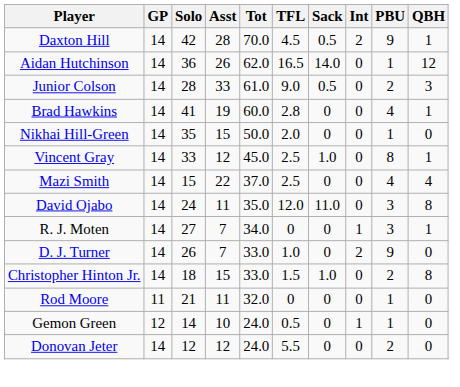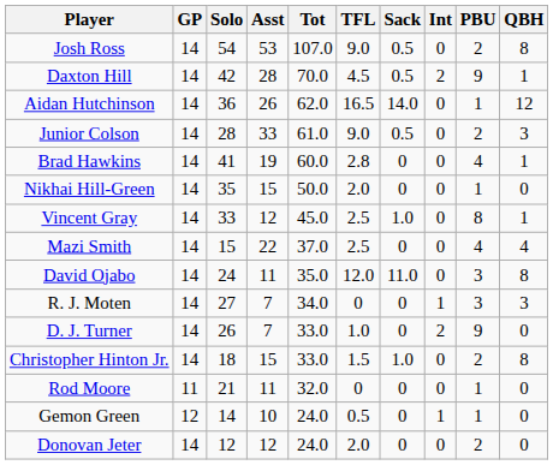 <table class="wikitable sortable sortable" style="text-align: center">
 <tr align=center>
 <th>Player</th>
 <th>GP</th>
 <th>Solo</th>
 <th>Asst</th>
 <th>Tot</th>
 <th>TFL</th>
 <th>Sack</th>
 <th>Int</th>
 <th>PBU</th>
 <th>QBH</th>
+</tr>
+<tr>
+<td><a href='#'>Josh Ross</a></td>
+<td>14</td>
+<td>54</td>
+<td>53</td>
+<td>107.0</td>
+<td>9.0</td>
+<td>0.5</td>
+<td>0</td>
+<td>2</td>
+<td>8</td>
 </tr>
 <tr>
 <td><a href='#'>Daxton Hill</a></td>
 <td>14</td>
 <td>42</td>
 <td>28</td>
 <td>70.0</td>
 <td>4.5</td>
 <td>0.5</td>
 <td>2</td>
 <td>9</td>
 <td>1</td>
 </tr>
 <tr>
 <td><a href='#'>Aidan Hutchinson</a></td>
 <td>14</td>
 <td>36</td>
 <td>26</td>
 <td>62.0</td>
 <td>16.5</td>
 <td>14.0</td>
 <td>0</td>
 <td>1</td>
 <td>12</td>
 </tr>
 <tr>
 <td><a href='#'>Junior Colson</a></td>
 <td>14</td>
 <td>28</td>
 <td>33</td>
 <td>61.0</td>
 <td>9.0</td>
 <td>0.5</td>
 <td>0</td>
 <td>2</td>
 <td>3</td>
 </tr>
 <tr>
 <td><a href='#'>Brad Hawkins</a></td>
 <td>14</td>
 <td>41</td>
 <td>19</td>
 <td>60.0</td>
 <td>2.8</td>
 <td>0</td>
 <td>0</td>
 <td>4</td>
 <td>1</td>
 </tr>
 <tr>
 <td><a href='#'>Nikhai Hill-Green</a></td>
 <td>14</td>
 <td>35</td>
 <td>15</td>
 <td>50.0</td>
 <td>2.0</td>
 <td>0</td>
 <td>0</td>
 <td>1</td>
 <td>0</td>
 </tr>
 <tr>
 <td><a href='#'>Vincent Gray</a></td>
 <td>14</td>
 <td>33</td>
 <td>12</td>
 <td>45.0</td>
 <td>2.5</td>
 <td>1.0</td>
 <td>0</td>
 <td>8</td>
 <td>1</td>
 </tr>
 <tr>
 <td><a href='#'>Mazi Smith</a></td>
 <td>14</td>
 <td>15</td>
 <td>22</td>
 <td>37.0</td>
 <td>2.5</td>
 <td>0</td>
 <td>0</td>
 <td>4</td>
 <td>4</td>
 </tr>
 <tr>
 <td><a href='#'>David Ojabo</a></td>
 <td>14</td>
 <td>24</td>
 <td>11</td>
 <td>35.0</td>
 <td>12.0</td>
 <td>11.0</td>
 <td>0</td>
 <td>3</td>
 <td>8</td>
 </tr>
 <tr>
 <td>R. J. Moten</td>
 <td>14</td>
 <td>27</td>
 <td>7</td>
 <td>34.0</td>
 <td>0</td>
 <td>0</td>
 <td>1</td>
 <td>3</td>
-<td>1</td>
+<td>3</td>
 </tr>
 <tr>
 <td><a href='#'>D. J. Turner</a></td>
 <td>14</td>
 <td>26</td>
 <td>7</td>
 <td>33.0</td>
 <td>1.0</td>
 <td>0</td>
 <td>2</td>
 <td>9</td>
 <td>0</td>
 </tr>
 <tr>
 <td><a href='#'>Christopher Hinton Jr.</a></td>
 <td>14</td>
 <td>18</td>
 <td>15</td>
 <td>33.0</td>
 <td>1.5</td>
 <td>1.0</td>
 <td>0</td>
 <td>2</td>
 <td>8</td>
 </tr>
 <tr>
 <td><a href='#'>Rod Moore</a></td>
 <td>11</td>
 <td>21</td>
 <td>11</td>
 <td>32.0</td>
 <td>0</td>
 <td>0</td>
 <td>0</td>
 <td>1</td>
 <td>0</td>
 </tr>
 <tr>
 <td>Gemon Green</td>
 <td>12</td>
 <td>14</td>
 <td>10</td>
 <td>24.0</td>
 <td>0.5</td>
 <td>0</td>
 <td>1</td>
 <td>1</td>
 <td>0</td>
 </tr>
 <tr>
 <td><a href='#'>Donovan Jeter</a></td>
 <td>14</td>
 <td>12</td>
 <td>12</td>
 <td>24.0</td>
-<td>5.5</td>
+<td>2.0</td>
 <td>0</td>
 <td>0</td>
 <td>2</td>
 <td>0</td>
 </tr>
 </table>
